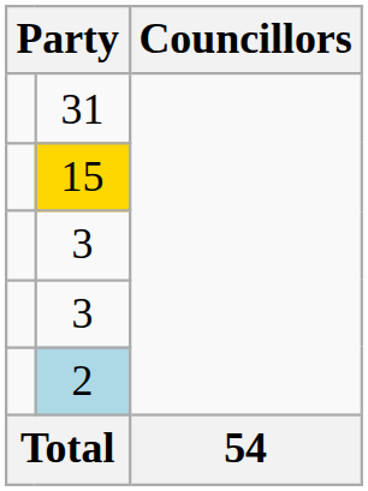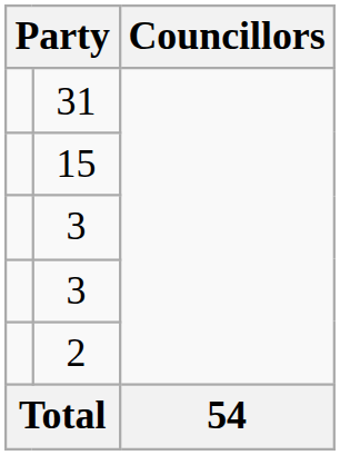 <table class="wikitable">
 <tr>
 <th colspan=2>Party</th>
 <th>Councillors</th>
 </tr>
 <tr>
 <td></td>
 <td align=center>31</td>
 </tr>
 <tr>
 <td></td>
-<td align=center style="background: gold;">15</td>
+<td align=center>15</td>
 </tr>
 <tr>
 <td></td>
 <td align=center>3</td>
 </tr>
 <tr>
 <td></td>
 <td align=center>3</td>
 </tr>
 <tr>
 <td></td>
-<td align=center style="background: lightblue;">2</td>
+<td align=center>2</td>
 </tr>
 <tr>
 <th colspan=2>Total</th>
 <th>54</th>
 </tr>
 </table>
